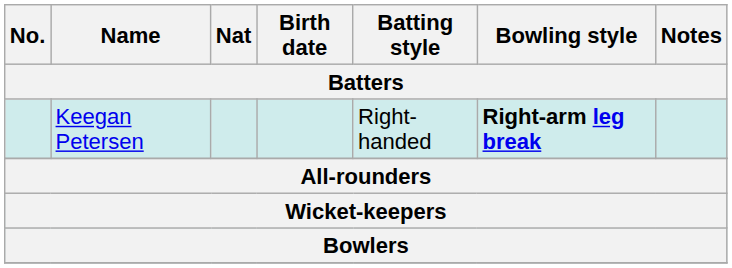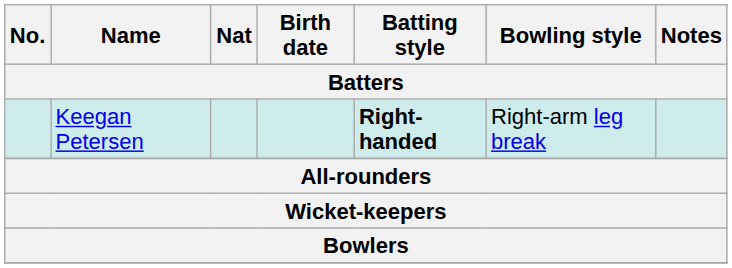 <table class="wikitable sortable"  style="font-size:95%; width:80%;">
 <tr>
 <th>No.</th>
 <th>Name</th>
 <th>Nat</th>
 <th>Birth date</th>
 <th>Batting style</th>
 <th>Bowling style</th>
 <th>Notes</th>
 </tr>
 <tr>
 <th colspan="7">Batters</th>
 </tr>
 <tr bgcolor="#CFECEC">
 <td></td>
 <td><a href='#'>Keegan Petersen</a> </td>
 <td></td>
 <td></td>
-<td>Right-handed</td>
-<td><strong>Right-arm <a href='#'>leg break</a></strong></td>
+<td><strong>Right-handed</strong></td>
+<td>Right-arm <a href='#'>leg break</a></td>
 <td></td>
 </tr>
 <tr |||| ||>
 </tr>
 <tr>
 <th colspan="7">All-rounders</th>
 </tr>
 <tr bgcolor="#CFECEC">
 <th colspan="7">Wicket-keepers</th>
 </tr>
 <tr bgcolor="#CFECEC">
 <th colspan="7">Bowlers</th>
 </tr>
 <tr>
 </tr>
 </table>
